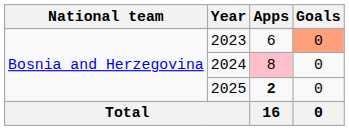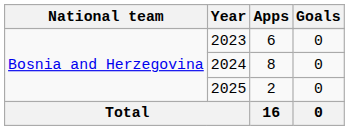 <table class="wikitable" style="text-align:center">
 <tr>
 <th>National team</th>
 <th>Year</th>
 <th>Apps</th>
 <th>Goals</th>
 </tr>
 <tr>
 <td rowspan=4><a href='#'>Bosnia and Herzegovina</a></td>
 </tr>
 <tr>
 <td>2023</td>
 <td>6</td>
-<td style="background: lightsalmon;">0</td>
+<td>0</td>
 </tr>
 <tr>
 <td>2024</td>
-<td style="background: pink;">8</td>
+<td>8</td>
 <td>0</td>
 </tr>
 <tr>
 <td>2025</td>
-<td><strong>2</strong></td>
+<td>2</td>
 <td>0</td>
 </tr>
 <tr>
 <th colspan=2>Total</th>
 <th>16</th>
 <th>0</th>
 </tr>
 </table>
